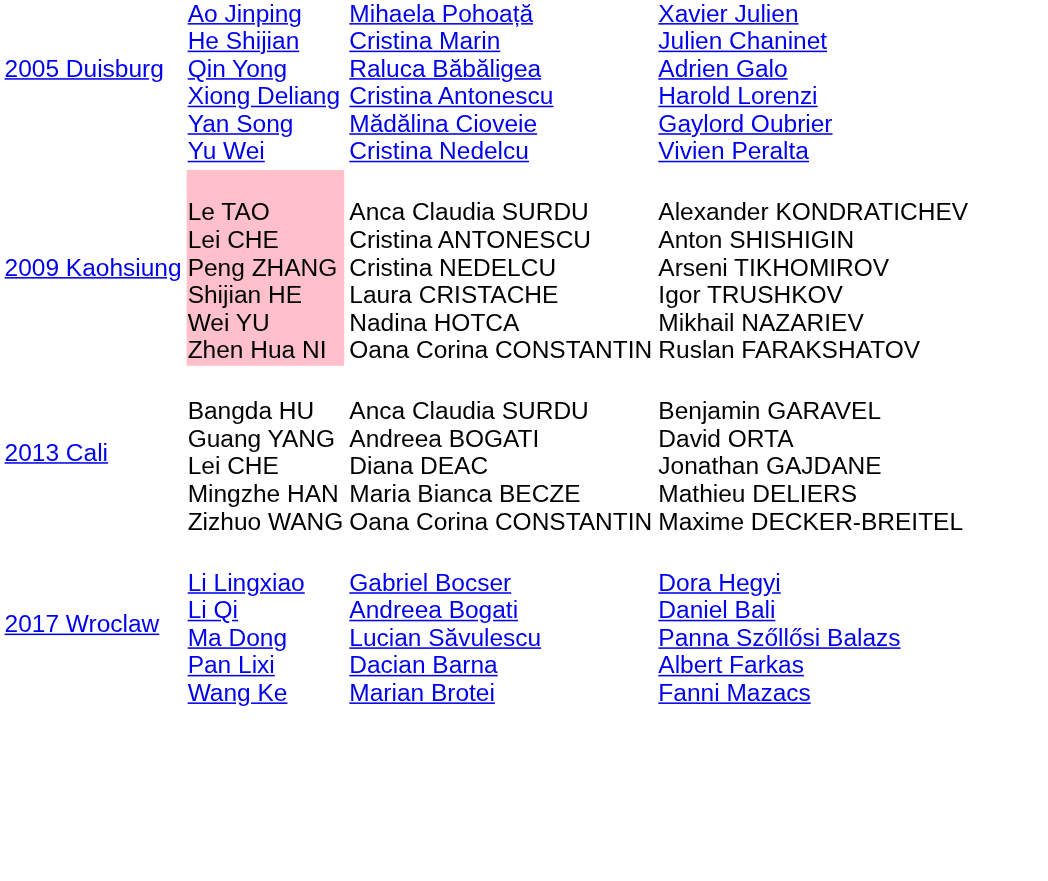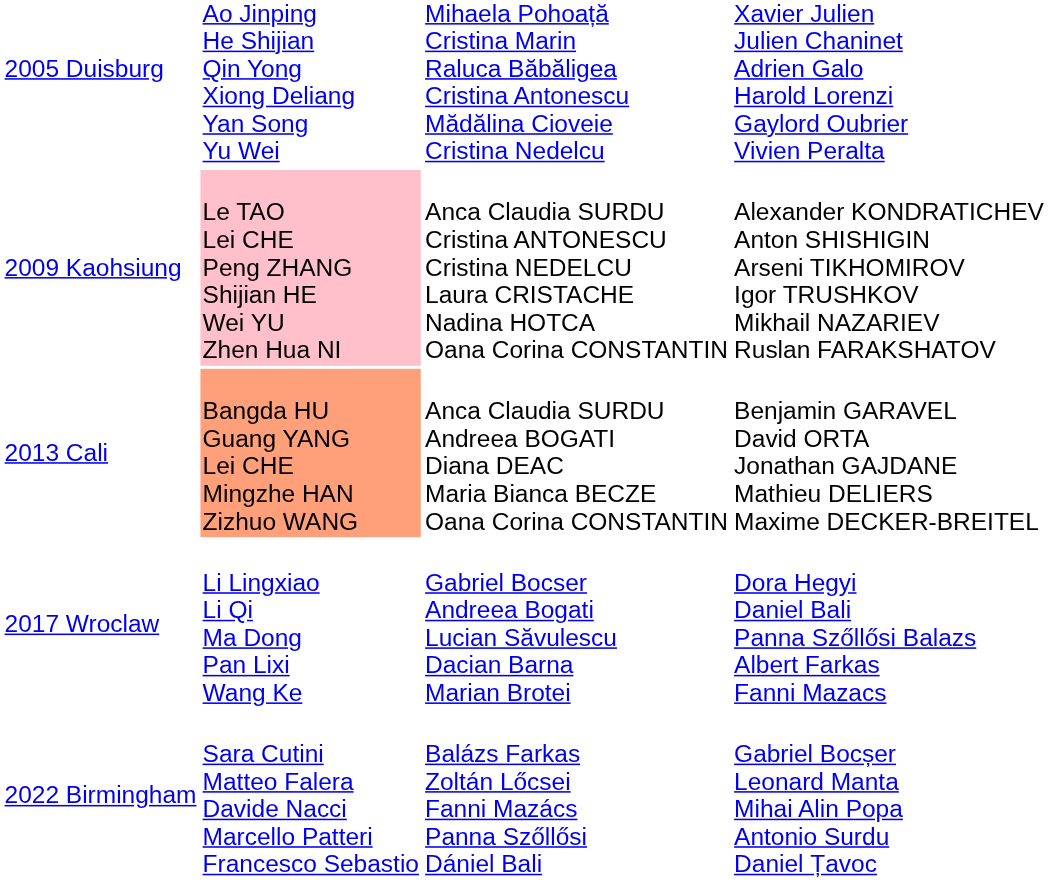 <table>
 <tr>
 <td><a href='#'>2005 Duisburg</a></td>
 <td><br><a href='#'>Ao Jinping</a><br><a href='#'>He Shijian</a><br><a href='#'>Qin Yong</a><br><a href='#'>Xiong Deliang</a><br><a href='#'>Yan Song</a><br><a href='#'>Yu Wei</a></td>
 <td><br><a href='#'>Mihaela Pohoață</a><br><a href='#'>Cristina Marin</a><br><a href='#'>Raluca Băbăligea</a><br><a href='#'>Cristina Antonescu</a><br><a href='#'>Mădălina Cioveie</a><br><a href='#'>Cristina Nedelcu</a></td>
 <td><br><a href='#'>Xavier Julien</a><br><a href='#'>Julien Chaninet</a><br><a href='#'>Adrien Galo</a><br><a href='#'>Harold Lorenzi</a><br><a href='#'>Gaylord Oubrier</a><br><a href='#'>Vivien Peralta</a></td>
 </tr>
 <tr>
 <td><a href='#'>2009 Kaohsiung</a></td>
 <td style="background: pink;"><br>Le  TAO<br> Lei  CHE<br> Peng  ZHANG<br> Shijian  HE<br> Wei  YU<br> Zhen  Hua NI</td>
 <td><br>Anca  Claudia SURDU<br> Cristina  ANTONESCU<br> Cristina  NEDELCU<br> Laura  CRISTACHE<br> Nadina  HOTCA<br> Oana  Corina CONSTANTIN</td>
 <td><br>Alexander  KONDRATICHEV<br> Anton  SHISHIGIN<br> Arseni  TIKHOMIROV<br> Igor  TRUSHKOV<br> Mikhail  NAZARIEV<br> Ruslan  FARAKSHATOV</td>
 </tr>
 <tr>
 <td><a href='#'>2013 Cali</a></td>
-<td><br>Bangda  HU<br> Guang  YANG<br> Lei  CHE<br> Mingzhe  HAN<br> Zizhuo  WANG</td>
+<td style="background: lightsalmon;"><br>Bangda  HU<br> Guang  YANG<br> Lei  CHE<br> Mingzhe  HAN<br> Zizhuo  WANG</td>
 <td><br>Anca  Claudia SURDU<br> Andreea  BOGATI<br> Diana  DEAC<br> Maria  Bianca BECZE<br> Oana  Corina CONSTANTIN</td>
 <td><br>Benjamin  GARAVEL<br> David  ORTA<br> Jonathan  GAJDANE<br> Mathieu  DELIERS<br> Maxime  DECKER-BREITEL</td>
 </tr>
 <tr>
 <td><a href='#'>2017 Wroclaw</a></td>
 <td><br> <a href='#'>Li Lingxiao</a><br><a href='#'>Li Qi</a><br><a href='#'>Ma Dong</a><br><a href='#'>Pan Lixi</a><br><a href='#'>Wang Ke</a></td>
 <td><br> <a href='#'>Gabriel Bocser</a><br><a href='#'>Andreea Bogati</a><br><a href='#'>Lucian Săvulescu</a><br><a href='#'>Dacian Barna</a><br><a href='#'>Marian Brotei</a></td>
 <td><br> <a href='#'>Dora Hegyi</a><br><a href='#'>Daniel Bali</a><br><a href='#'>Panna Szőllősi Balazs</a><br><a href='#'>Albert Farkas</a><br><a href='#'>Fanni Mazacs</a></td>
 </tr>
+<tr>
+<td><a href='#'>2022 Birmingham</a></td>
+<td><br> <a href='#'>Sara Cutini</a><br><a href='#'>Matteo Falera</a><br><a href='#'>Davide Nacci</a><br><a href='#'>Marcello Patteri</a><br><a href='#'>Francesco Sebastio</a></td>
+<td><br> <a href='#'>Balázs Farkas</a><br><a href='#'>Zoltán Lőcsei</a><br><a href='#'>Fanni Mazács</a><br><a href='#'>Panna Szőllősi</a><br><a href='#'>Dániel Bali</a></td>
+<td><br> <a href='#'>Gabriel Bocșer</a><br><a href='#'>Leonard Manta</a><br><a href='#'>Mihai Alin Popa</a><br><a href='#'>Antonio Surdu</a><br><a href='#'>Daniel Țavoc</a></td>
+</tr>
 </table>
